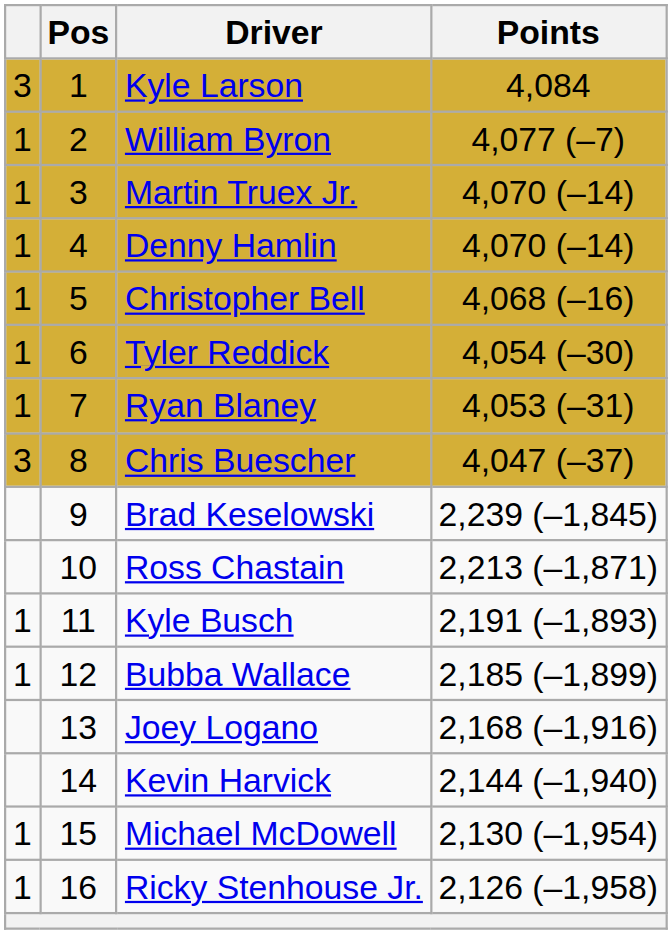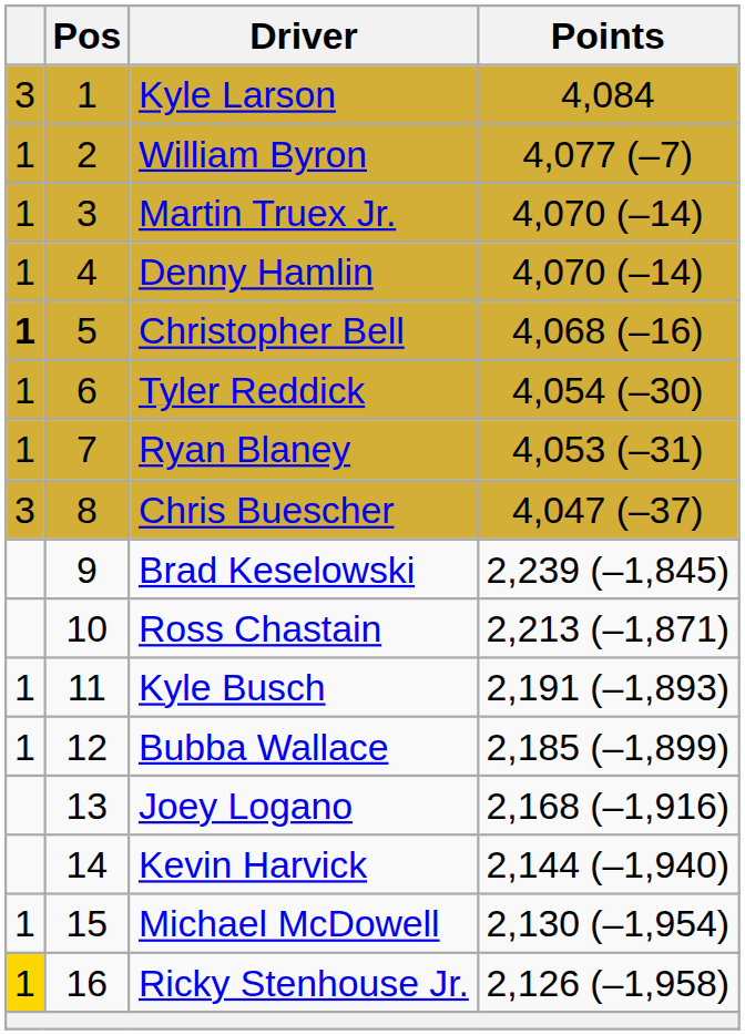 <table class="wikitable" style="font-size: 95%;">
 <tr>
 <th></th>
 <th>Pos</th>
 <th>Driver</th>
 <th>Points</th>
 </tr>
 <tr style="background:#D4AF37;">
 <td align="left"> 3</td>
 <td style="text-align:center;">1</td>
 <td><a href='#'>Kyle Larson</a></td>
 <td style="text-align:center;">4,084</td>
 </tr>
 <tr style="background:#D4AF37;">
 <td align="left"> 1</td>
 <td style="text-align:center;">2</td>
 <td><a href='#'>William Byron</a></td>
 <td style="text-align:center;">4,077 (–7)</td>
 </tr>
 <tr style="background:#D4AF37;">
 <td align="left"> 1</td>
 <td style="text-align:center;">3</td>
 <td><a href='#'>Martin Truex Jr.</a></td>
 <td style="text-align:center;">4,070 (–14)</td>
 </tr>
 <tr style="background:#D4AF37;">
 <td align="left"> 1</td>
 <td style="text-align:center;">4</td>
 <td><a href='#'>Denny Hamlin</a></td>
 <td style="text-align:center;">4,070 (–14)</td>
 </tr>
 <tr style="background:#D4AF37;">
-<td align="left"> 1</td>
+<td align="left"><strong> 1</strong></td>
 <td style="text-align:center;">5</td>
 <td><a href='#'>Christopher Bell</a></td>
 <td style="text-align:center;">4,068 (–16)</td>
 </tr>
 <tr style="background:#D4AF37;">
 <td align="left"> 1</td>
 <td style="text-align:center;">6</td>
 <td><a href='#'>Tyler Reddick</a></td>
 <td style="text-align:center;">4,054 (–30)</td>
 </tr>
 <tr style="background:#D4AF37;">
 <td align="left"> 1</td>
 <td style="text-align:center;">7</td>
 <td><a href='#'>Ryan Blaney</a></td>
 <td style="text-align:center;">4,053 (–31)</td>
 </tr>
 <tr style="background:#D4AF37;">
 <td align="left"> 3</td>
 <td style="text-align:center;">8</td>
 <td><a href='#'>Chris Buescher</a></td>
 <td style="text-align:center;">4,047 (–37)</td>
 </tr>
 <tr>
 <td align="left"></td>
 <td style="text-align:center;">9</td>
 <td><a href='#'>Brad Keselowski</a></td>
 <td style="text-align:center;">2,239 (–1,845)</td>
 </tr>
 <tr>
 <td align="left"></td>
 <td style="text-align:center;">10</td>
 <td><a href='#'>Ross Chastain</a></td>
 <td style="text-align:center;">2,213 (–1,871)</td>
 </tr>
 <tr>
 <td align="left"> 1</td>
 <td style="text-align:center;">11</td>
 <td><a href='#'>Kyle Busch</a></td>
 <td style="text-align:center;">2,191 (–1,893)</td>
 </tr>
 <tr>
 <td align="left"> 1</td>
 <td style="text-align:center;">12</td>
 <td><a href='#'>Bubba Wallace</a></td>
 <td style="text-align:center;">2,185 (–1,899)</td>
 </tr>
 <tr>
 <td align="left"></td>
 <td style="text-align:center;">13</td>
 <td><a href='#'>Joey Logano</a></td>
 <td style="text-align:center;">2,168 (–1,916)</td>
 </tr>
 <tr>
 <td align="left"></td>
 <td style="text-align:center;">14</td>
 <td><a href='#'>Kevin Harvick</a></td>
 <td style="text-align:center;">2,144 (–1,940)</td>
 </tr>
 <tr>
 <td align="left"> 1</td>
 <td style="text-align:center;">15</td>
 <td><a href='#'>Michael McDowell</a></td>
 <td style="text-align:center;">2,130 (–1,954)</td>
 </tr>
 <tr>
-<td align="left"> 1</td>
+<td align="left" style="background: gold;"> 1</td>
 <td style="text-align:center;">16</td>
 <td><a href='#'>Ricky Stenhouse Jr.</a></td>
 <td style="text-align:center;">2,126 (–1,958)</td>
 </tr>
 <tr class="sortbottom">
 <th colspan="9"></th>
 </tr>
 </table>
